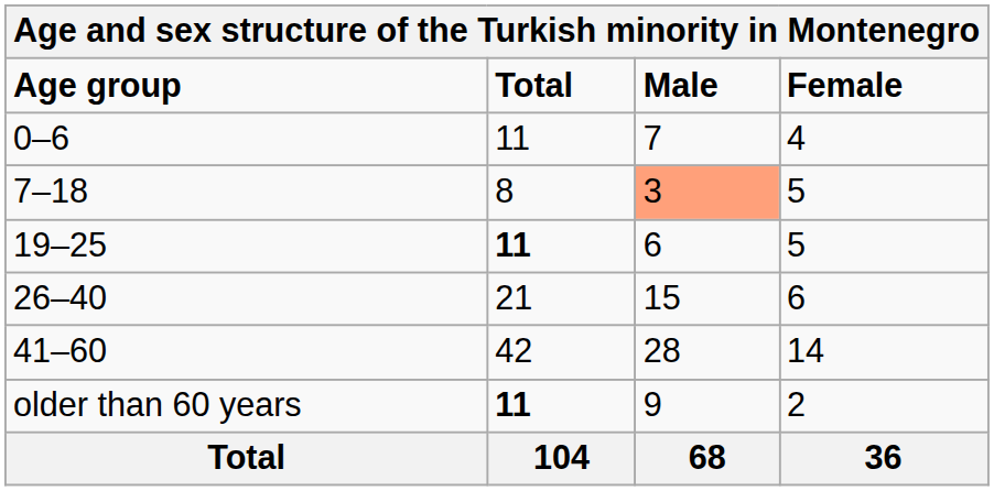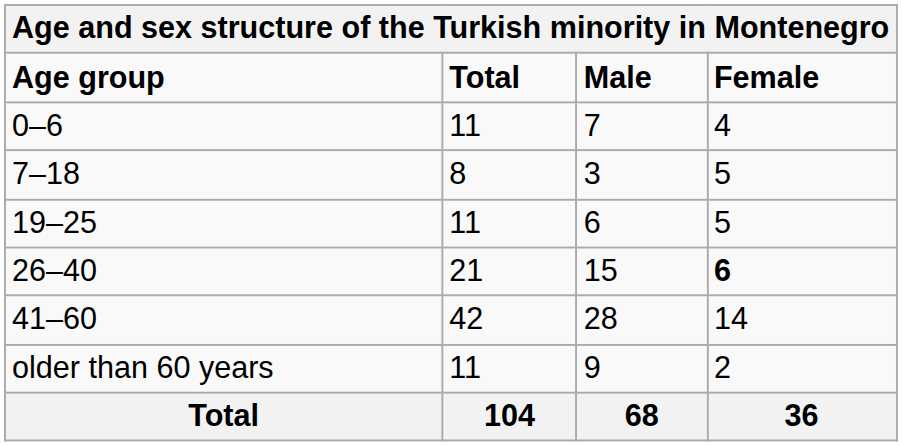 <table class="wikitable">
 <tr>
 <th colspan=4>Age and sex structure of the Turkish minority in Montenegro </th>
 </tr>
 <tr>
 <td><strong>Age group</strong></td>
 <td><strong>Total</strong></td>
 <td><strong>Male</strong></td>
 <td><strong>Female</strong></td>
 </tr>
 <tr>
 <td>0–6</td>
 <td>11</td>
 <td>7</td>
 <td>4</td>
 </tr>
 <tr>
 <td>7–18</td>
 <td>8</td>
-<td style="background: lightsalmon;">3</td>
+<td>3</td>
 <td>5</td>
 </tr>
 <tr>
 <td>19–25</td>
-<td><strong>11</strong></td>
+<td>11</td>
 <td>6</td>
 <td>5</td>
 </tr>
 <tr>
 <td>26–40</td>
 <td>21</td>
 <td>15</td>
-<td>6</td>
+<td><strong>6</strong></td>
 </tr>
 <tr>
 <td>41–60</td>
 <td>42</td>
 <td>28</td>
 <td>14</td>
 </tr>
 <tr>
 <td>older than 60 years</td>
-<td><strong>11</strong></td>
+<td>11</td>
 <td>9</td>
 <td>2</td>
 </tr>
 <tr>
 <th>Total</th>
 <th>104</th>
 <th>68</th>
 <th>36</th>
 </tr>
 </table>
